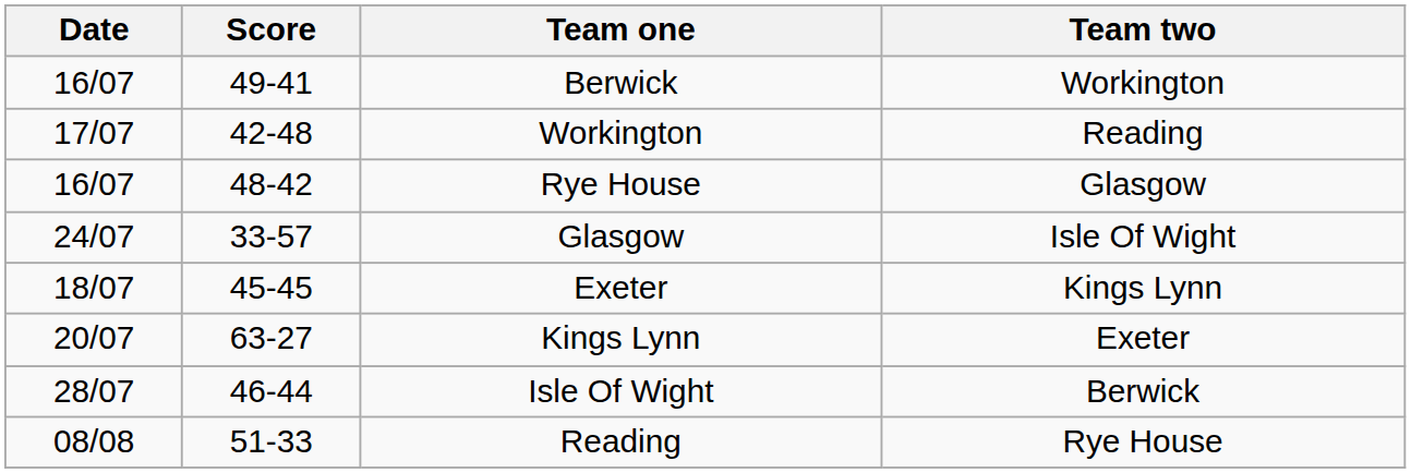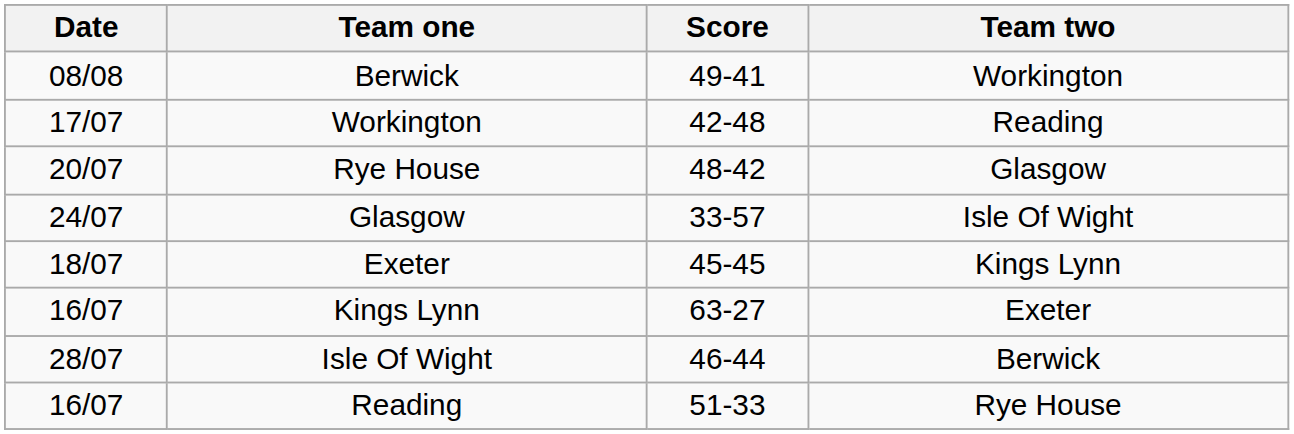 <table class="wikitable" style="text-align: center">
 <tr>
 <th width=80>Date</th>
+<th width=250>Team one</th>
 <th width=80>Score</th>
-<th width=250>Team one</th>
 <th width=250>Team two</th>
 </tr>
 <tr>
-<td>16/07</td>
+<td>08/08</td>
+<td>Berwick</td>
 <td>49-41</td>
-<td>Berwick</td>
 <td>Workington</td>
 </tr>
 <tr>
 <td>17/07</td>
+<td>Workington</td>
 <td>42-48</td>
-<td>Workington</td>
 <td>Reading</td>
 </tr>
 <tr>
-<td>16/07</td>
+<td>20/07</td>
+<td>Rye House</td>
 <td>48-42</td>
-<td>Rye House</td>
 <td>Glasgow</td>
 </tr>
 <tr>
 <td>24/07</td>
+<td>Glasgow</td>
 <td>33-57</td>
-<td>Glasgow</td>
 <td>Isle Of Wight</td>
 </tr>
 <tr>
 <td>18/07</td>
+<td>Exeter</td>
 <td>45-45</td>
-<td>Exeter</td>
 <td>Kings Lynn</td>
 </tr>
 <tr>
-<td>20/07</td>
+<td>16/07</td>
+<td>Kings Lynn</td>
 <td>63-27</td>
-<td>Kings Lynn</td>
 <td>Exeter</td>
 </tr>
 <tr>
 <td>28/07</td>
+<td>Isle Of Wight</td>
 <td>46-44</td>
-<td>Isle Of Wight</td>
 <td>Berwick</td>
 </tr>
 <tr>
-<td>08/08</td>
+<td>16/07</td>
+<td>Reading</td>
 <td>51-33</td>
-<td>Reading</td>
 <td>Rye House</td>
 </tr>
 </table>
